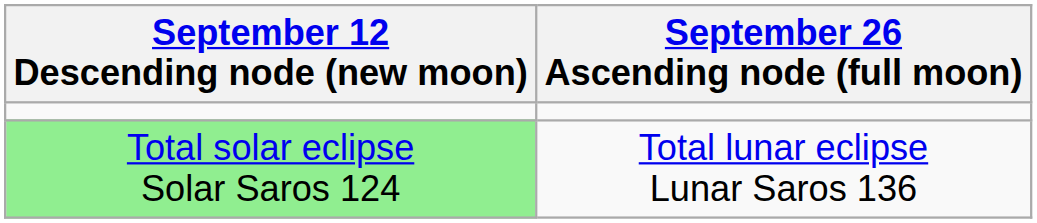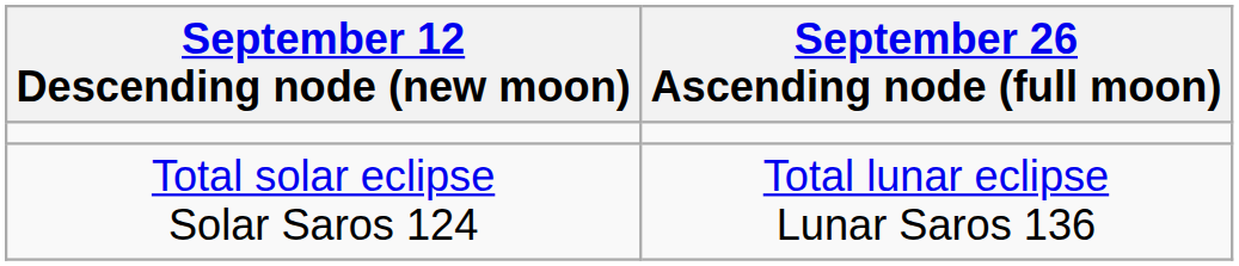 <table class="wikitable">
 <tr>
 <th><a href='#'>September 12</a><br>Descending node (new moon)</th>
 <th><a href='#'>September 26</a><br>Ascending node (full moon)</th>
 </tr>
 <tr>
 <td></td>
 <td></td>
 </tr>
 <tr align=center>
-<td style="background: lightgreen;"><a href='#'>Total solar eclipse</a><br>Solar Saros 124</td>
+<td><a href='#'>Total solar eclipse</a><br>Solar Saros 124</td>
 <td><a href='#'>Total lunar eclipse</a><br>Lunar Saros 136</td>
 </tr>
 </table>
